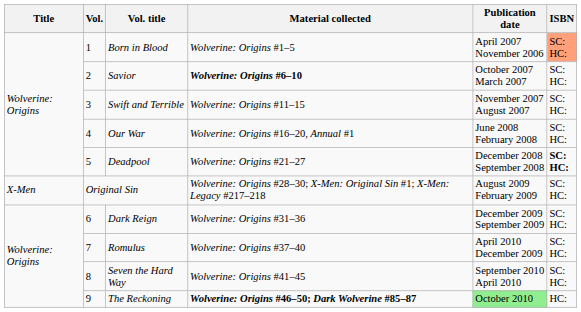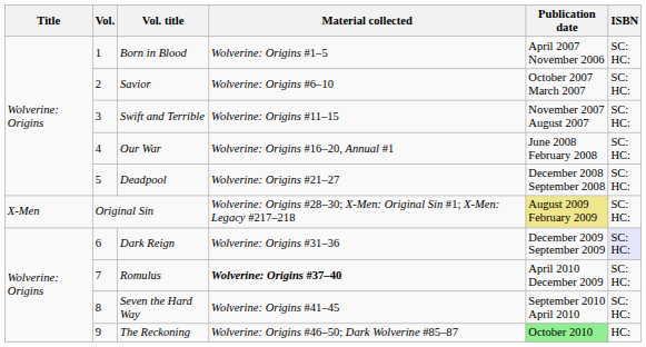 <table class="wikitable">
 <tr>
 <th>Title</th>
 <th>Vol.</th>
 <th>Vol. title</th>
 <th>Material collected</th>
 <th>Publication date</th>
 <th>ISBN</th>
 </tr>
 <tr>
 <td rowspan="5"><em>Wolverine: Origins</em></td>
 <td>1</td>
 <td><em>Born in Blood</em></td>
 <td><em>Wolverine: Origins</em> #1–5</td>
 <td>April 2007<br>November 2006</td>
-<td style="background: lightsalmon;">SC: <br>HC: </td>
+<td>SC: <br>HC: </td>
 </tr>
 <tr>
 <td>2</td>
 <td><em>Savior</em></td>
-<td><strong><em>Wolverine: Origins</em> #6–10</strong></td>
+<td><em>Wolverine: Origins</em> #6–10</td>
 <td>October 2007<br>March 2007</td>
 <td>SC: <br>HC: </td>
 </tr>
 <tr>
 <td>3</td>
 <td><em>Swift and Terrible</em></td>
 <td><em>Wolverine: Origins</em> #11–15</td>
 <td>November 2007<br>August 2007</td>
 <td>SC: <br>HC: </td>
 </tr>
 <tr>
 <td>4</td>
 <td><em>Our War</em></td>
 <td><em>Wolverine: Origins</em> #16–20, <em>Annual</em> #1</td>
 <td>June 2008<br>February 2008</td>
 <td>SC: <br>HC: </td>
 </tr>
 <tr>
 <td>5</td>
 <td><em>Deadpool</em></td>
 <td><em>Wolverine: Origins</em> #21–27</td>
 <td>December 2008<br>September 2008</td>
-<td><strong>SC: <br>HC: </strong></td>
+<td>SC: <br>HC: </td>
 </tr>
 <tr>
 <td><em>X-Men</em></td>
 <td colspan="2"><em>Original Sin</em></td>
 <td><em>Wolverine: Origins</em> #28–30; <em>X-Men: Original Sin</em> #1; <em>X-Men: Legacy</em> #217–218</td>
-<td>August 2009<br>February 2009</td>
+<td style="background: khaki;">August 2009<br>February 2009</td>
 <td>SC: <br>HC: </td>
 </tr>
 <tr>
 <td rowspan="4"><em>Wolverine: Origins</em></td>
 <td>6</td>
 <td><em>Dark Reign</em></td>
 <td><em>Wolverine: Origins</em> #31–36</td>
 <td>December 2009<br>September 2009</td>
-<td>SC: <br>HC: </td>
+<td style="background: lavender;">SC: <br>HC: </td>
 </tr>
 <tr>
 <td>7</td>
 <td><em>Romulus</em></td>
-<td><em>Wolverine: Origins</em> #37–40</td>
+<td><strong><em>Wolverine: Origins</em> #37–40</strong></td>
 <td>April 2010<br>December 2009</td>
 <td>SC: <br>HC: </td>
 </tr>
 <tr>
 <td>8</td>
 <td><em>Seven the Hard Way</em></td>
 <td><em>Wolverine: Origins</em> #41–45</td>
 <td>September 2010<br>April 2010</td>
 <td>SC: <br>HC: </td>
 </tr>
 <tr>
 <td>9</td>
 <td><em>The Reckoning</em></td>
-<td><strong><em>Wolverine: Origins</em> #46–50; <em>Dark Wolverine</em> #85–87</strong></td>
+<td><em>Wolverine: Origins</em> #46–50; <em>Dark Wolverine</em> #85–87</td>
 <td style="background: lightgreen;">October 2010</td>
 <td>HC: </td>
 </tr>
 </table>
